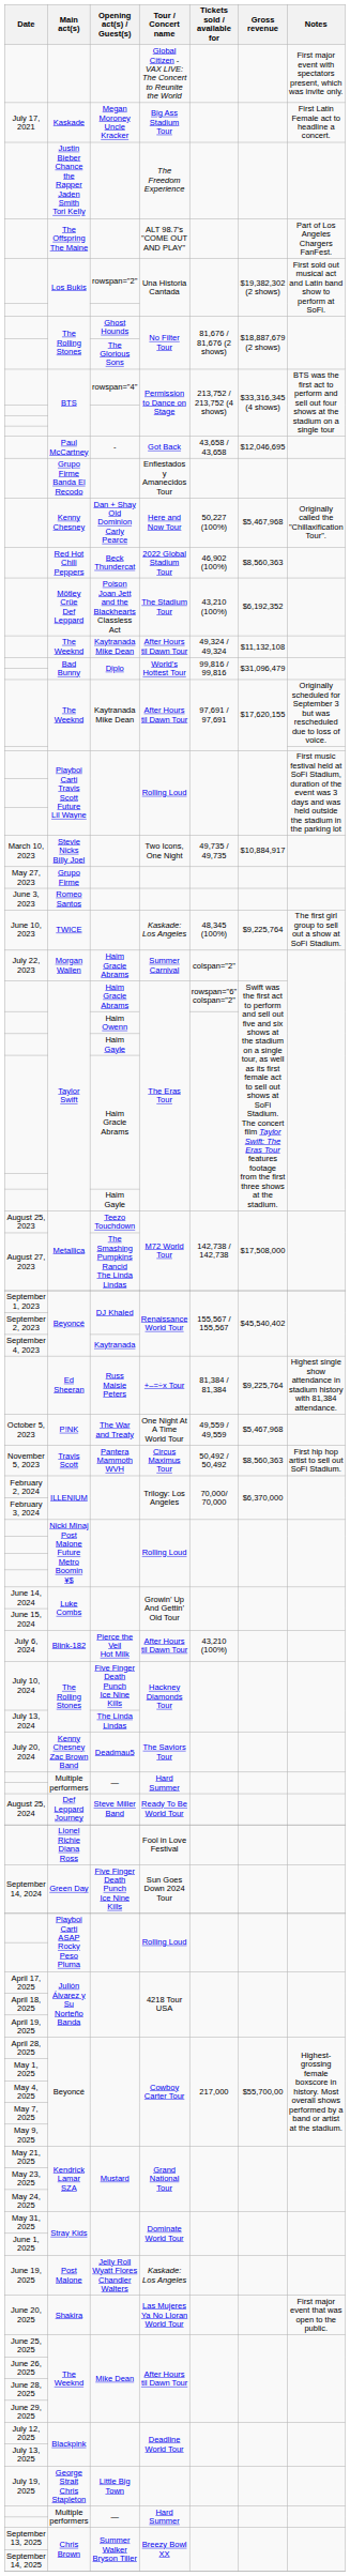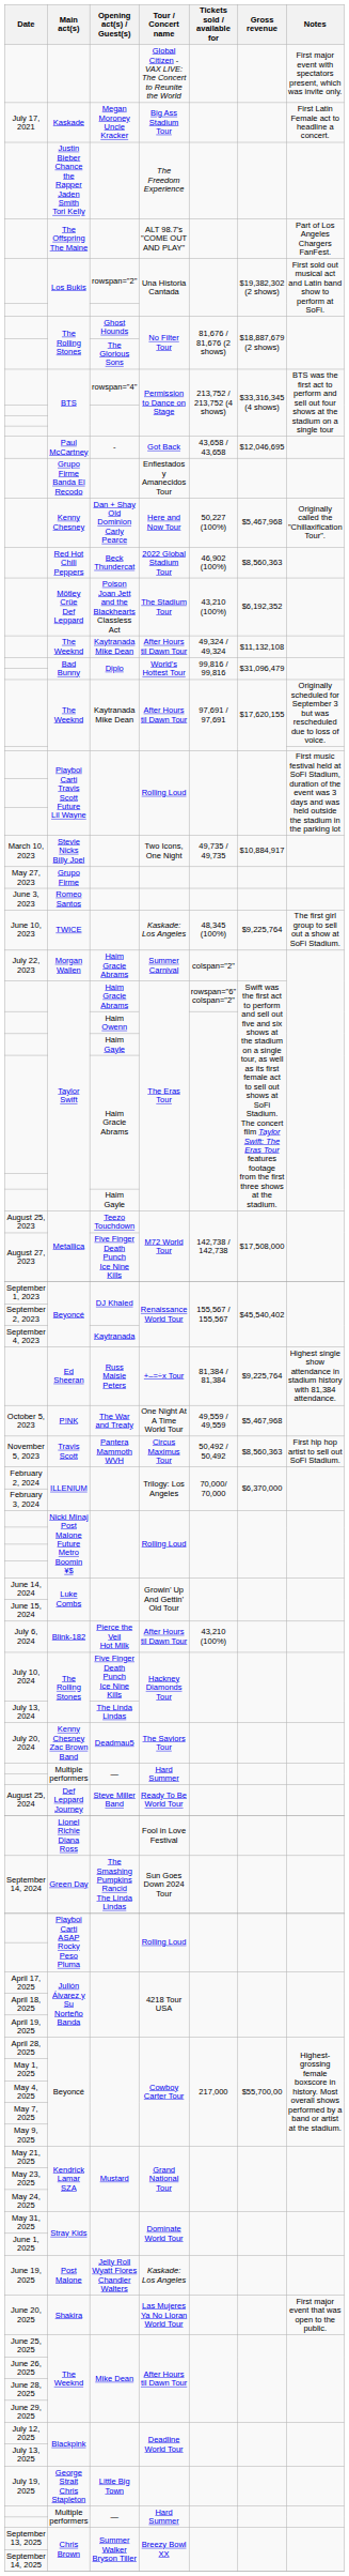 <table class="wikitable mw-collapsible" style="text-align:center;">
 <tr>
 <th width=12% style="text-align:center;;">Date</th>
 <th width=10% style="text-align:center;;">Main act(s)</th>
 <th width=10% style="text-align:center;;">Opening act(s) / Guest(s)</th>
 <th width=16% style="text-align:center;;">Tour / Concert name</th>
 <th width=10% style="text-align:center;;">Tickets sold / available for</th>
 <th width=10% style="text-align:center;;">Gross revenue</th>
 <th style="width:20%; text-align:center;">Notes</th>
 </tr>
 <tr>
 <td></td>
 <td></td>
 <td></td>
 <td><a href='#'>Global Citizen</a> - <br><em>VAX LIVE: The Concert to Reunite the World</em></td>
 <td></td>
 <td></td>
 <td>First major event with spectators present, which was invite only.</td>
 </tr>
 <tr>
 <td>July 17, 2021</td>
 <td><a href='#'>Kaskade</a></td>
 <td><a href='#'>Megan Moroney</a><br><a href='#'>Uncle Kracker</a></td>
 <td><a href='#'>Big Ass Stadium Tour</a></td>
 <td></td>
 <td></td>
 <td>First Latin Female act to headline a concert.</td>
 </tr>
 <tr>
 <td></td>
 <td><a href='#'>Justin Bieber</a><br><a href='#'>Chance the Rapper</a><br><a href='#'>Jaden Smith</a><br><a href='#'>Tori Kelly</a></td>
 <td></td>
 <td><em>The Freedom Experience</em></td>
 <td></td>
 <td></td>
 <td></td>
 </tr>
 <tr>
 <td></td>
 <td><a href='#'>The Offspring</a><br><a href='#'>The Maine</a></td>
 <td></td>
 <td>ALT 98.7's "COME OUT AND PLAY"</td>
 <td></td>
 <td></td>
 <td>Part of Los Angeles Chargers FanFest.</td>
 </tr>
 <tr>
 <td></td>
 <td rowspan="2"><a href='#'>Los Bukis</a></td>
 <td>rowspan="2" </td>
 <td rowspan="2">Una Historia Cantada</td>
 <td rowspan="2"></td>
 <td rowspan="2">$19,382,302 (2 shows)</td>
 <td rowspan="2">First sold out musical act and Latin band show to perform at SoFi.</td>
 </tr>
 <tr>
 <td></td>
 </tr>
 <tr>
 <td></td>
 <td rowspan="2"><a href='#'>The Rolling Stones</a></td>
 <td><a href='#'>Ghost Hounds</a></td>
 <td rowspan="2"><a href='#'>No Filter Tour</a></td>
 <td rowspan="2">81,676 / 81,676 (2 shows)</td>
 <td rowspan="2">$18,887,679 (2 shows)</td>
 <td rowspan="2"></td>
 </tr>
 <tr>
 <td></td>
 <td><a href='#'>The Glorious Sons</a></td>
 </tr>
 <tr>
 <td></td>
 <td rowspan="4"><a href='#'>BTS</a></td>
 <td>rowspan="4" </td>
 <td rowspan="4"><a href='#'>Permission to Dance on Stage</a></td>
 <td rowspan="4">213,752 / 213,752 (4 shows)</td>
 <td rowspan="4">$33,316,345 (4 shows)</td>
 <td rowspan="4">BTS was the first act to perform and sell out four shows at the stadium on a single tour </td>
 </tr>
 <tr>
 <td></td>
 </tr>
 <tr>
 <td></td>
 </tr>
 <tr>
 <td></td>
 </tr>
 <tr>
 <td></td>
 <td><a href='#'>Paul McCartney</a></td>
 <td>-</td>
 <td><a href='#'>Got Back</a></td>
 <td>43,658 / 43,658</td>
 <td>$12,046,695</td>
 <td></td>
 </tr>
 <tr>
 <td></td>
 <td><a href='#'>Grupo Firme</a> <a href='#'>Banda El Recodo</a></td>
 <td></td>
 <td>Enfiestados y Amanecidos Tour</td>
 <td></td>
 <td></td>
 <td></td>
 </tr>
 <tr>
 <td></td>
 <td><a href='#'>Kenny Chesney</a></td>
 <td><a href='#'>Dan + Shay</a><br><a href='#'>Old Dominion</a><br><a href='#'>Carly Pearce</a></td>
 <td><a href='#'>Here and Now Tour</a></td>
 <td>50,227 (100%)</td>
 <td>$5,467,968</td>
 <td>Originally called the "Chillaxification Tour".</td>
 </tr>
 <tr>
 <td></td>
 <td><a href='#'>Red Hot Chili Peppers</a></td>
 <td><a href='#'>Beck</a><br><a href='#'>Thundercat</a></td>
 <td><a href='#'>2022 Global Stadium Tour</a></td>
 <td>46,902 (100%)</td>
 <td>$8,560,363</td>
 <td></td>
 </tr>
 <tr>
 <td></td>
 <td><a href='#'>Mötley Crüe</a><br><a href='#'>Def Leppard</a></td>
 <td><a href='#'>Poison</a><br><a href='#'>Joan Jett and the Blackhearts</a><br>Classless Act</td>
 <td><a href='#'>The Stadium Tour</a></td>
 <td>43,210 (100%)</td>
 <td>$6,192,352</td>
 <td></td>
 </tr>
 <tr>
 <td></td>
 <td><a href='#'>The Weeknd</a></td>
 <td><a href='#'>Kaytranada</a><br><a href='#'>Mike Dean</a></td>
 <td><a href='#'>After Hours til Dawn Tour</a></td>
 <td>49,324 / 49,324</td>
 <td>$11,132,108</td>
 <td></td>
 </tr>
 <tr>
 <td></td>
 <td rowspan="2"><a href='#'>Bad Bunny</a></td>
 <td rowspan="2"><a href='#'>Diplo</a></td>
 <td rowspan="2"><a href='#'>World's Hottest Tour</a></td>
 <td rowspan="2">99,816 / 99,816</td>
 <td rowspan="2">$31,096,479</td>
 <td rowspan="2"></td>
 </tr>
 <tr>
 <td></td>
 </tr>
 <tr>
 <td></td>
 <td rowspan="2"><a href='#'>The Weeknd</a></td>
 <td rowspan="2">Kaytranada<br>Mike Dean</td>
 <td rowspan="2"><a href='#'>After Hours til Dawn Tour</a></td>
 <td rowspan="2">97,691 / 97,691</td>
 <td rowspan="2">$17,620,155</td>
 <td>Originally scheduled for September 3 but was rescheduled due to loss of voice.</td>
 </tr>
 <tr>
 <td></td>
 </tr>
 <tr>
 <td></td>
 <td rowspan="3"><a href='#'>Playboi Carti</a><br><a href='#'>Travis Scott</a><br><a href='#'>Future</a><br><a href='#'>Lil Wayne</a></td>
 <td rowspan="3"></td>
 <td rowspan="3"><a href='#'>Rolling Loud</a></td>
 <td rowspan="3"></td>
 <td rowspan="3"></td>
 <td rowspan="3">First music festival held at SoFi Stadium, duration of the event was 3 days and was held outside the stadium in the parking lot</td>
 </tr>
 <tr>
 <td></td>
 </tr>
 <tr>
 <td></td>
 </tr>
 <tr>
 <td>March 10, 2023</td>
 <td><a href='#'>Stevie Nicks</a><br><a href='#'>Billy Joel</a></td>
 <td></td>
 <td>Two Icons, One Night</td>
 <td>49,735 / 49,735</td>
 <td>$10,884,917</td>
 <td></td>
 </tr>
 <tr>
 <td>May 27, 2023</td>
 <td><a href='#'>Grupo Firme</a></td>
 <td></td>
 <td></td>
 <td></td>
 <td></td>
 <td></td>
 </tr>
 <tr>
 <td>June 3, 2023</td>
 <td><a href='#'>Romeo Santos</a></td>
 <td></td>
 <td></td>
 <td></td>
 <td></td>
 <td></td>
 </tr>
 <tr>
 <td>June 10, 2023</td>
 <td><a href='#'>TWICE</a></td>
 <td></td>
 <td><em>Kaskade: Los Angeles</em></td>
 <td>48,345<br>(100%)</td>
 <td>$9,225,764</td>
 <td>The first girl group to sell out a show at SoFi Stadium.</td>
 </tr>
 <tr>
 <td>July 22, 2023</td>
 <td><a href='#'>Morgan Wallen</a></td>
 <td><a href='#'>Haim</a><br><a href='#'>Gracie Abrams</a></td>
 <td><a href='#'>Summer Carnival</a></td>
 <td>colspan="2" </td>
 <td></td>
 </tr>
 <tr>
 <td></td>
 <td rowspan="6"><a href='#'>Taylor Swift</a></td>
 <td><a href='#'>Haim</a><br><a href='#'>Gracie Abrams</a></td>
 <td rowspan="6"><a href='#'>The Eras Tour</a></td>
 <td>rowspan="6" colspan="2" </td>
 <td rowspan="6">Swift was the first act to perform and sell out five and six shows at the stadium on a single tour, as well as its first female act to sell out shows at SoFi Stadium. The concert film <em><a href='#'>Taylor Swift: The Eras Tour</a></em> features footage from the first three shows at the stadium.</td>
 </tr>
 <tr>
 <td></td>
 <td>Haim<br><a href='#'>Owenn</a></td>
 </tr>
 <tr>
 <td></td>
 <td>Haim<br><a href='#'>Gayle</a></td>
 </tr>
 <tr>
 <td></td>
 <td rowspan="2">Haim<br>Gracie Abrams</td>
 </tr>
 <tr>
 <td></td>
 </tr>
 <tr>
 <td></td>
 <td>Haim<br>Gayle</td>
 </tr>
 <tr>
 <td>August 25, 2023</td>
 <td rowspan="2"><a href='#'>Metallica</a></td>
 <td><a href='#'>Teezo Touchdown</a></td>
 <td rowspan="2"><a href='#'>M72 World Tour</a></td>
 <td rowspan="2">142,738 / 142,738</td>
 <td rowspan="2">$17,508,000</td>
 <td rowspan="2"></td>
 </tr>
 <tr>
 <td>August 27, 2023</td>
-<td><a href='#'>The Smashing Pumpkins</a><br><a href='#'>Rancid</a><br><a href='#'>The Linda Lindas</a></td>
+<td><a href='#'>Five Finger Death Punch</a><br><a href='#'>Ice Nine Kills</a></td>
 </tr>
 <tr>
 </tr>
 <tr>
 <td>September 1, 2023</td>
 <td rowspan="3"><a href='#'>Beyoncé</a></td>
 <td rowspan="2"><a href='#'>DJ Khaled</a></td>
 <td rowspan="3"><a href='#'>Renaissance World Tour</a></td>
 <td rowspan="3">155,567 / 155,567</td>
 <td rowspan="3">$45,540,402</td>
 <td rowspan="3"></td>
 </tr>
 <tr>
 <td>September 2, 2023</td>
 </tr>
 <tr>
 <td>September 4, 2023</td>
 <td><a href='#'>Kaytranada</a></td>
 </tr>
 <tr>
 <td></td>
 <td><a href='#'>Ed Sheeran</a></td>
 <td><a href='#'>Russ</a><br><a href='#'>Maisie Peters</a></td>
 <td><a href='#'>+–=÷x Tour</a></td>
 <td>81,384 / 81,384</td>
 <td>$9,225,764</td>
 <td>Highest single show attendance in stadium history with 81,384 attendance.</td>
 </tr>
 <tr>
 <td>October 5, 2023</td>
 <td><a href='#'>P!NK</a></td>
 <td><a href='#'>The War and Treaty</a></td>
 <td>One Night At A Time World Tour</td>
 <td>49,559 / 49,559</td>
 <td>$5,467,968</td>
 <td></td>
 </tr>
 <tr>
 <td>November 5, 2023</td>
 <td><a href='#'>Travis Scott</a></td>
 <td><a href='#'>Pantera</a><br><a href='#'>Mammoth WVH</a></td>
 <td><a href='#'>Circus Maximus Tour</a></td>
 <td>50,492 / 50,492</td>
 <td>$8,560,363</td>
 <td>First hip hop artist to sell out SoFi Stadium.</td>
 </tr>
 <tr>
 <td>February 2, 2024</td>
 <td rowspan="2"><a href='#'>ILLENIUM</a></td>
 <td rowspan="2"></td>
 <td rowspan="2">Trilogy: Los Angeles</td>
 <td rowspan="2">70,000/ 70,000</td>
 <td rowspan="2">$6,370,000</td>
 <td rowspan="2"></td>
 </tr>
 <tr>
 <td>February 3, 2024</td>
 </tr>
 <tr>
 <td></td>
 <td rowspan="4"><a href='#'>Nicki Minaj</a><br><a href='#'>Post Malone</a><br><a href='#'>Future</a><br><a href='#'>Metro Boomin</a><br><a href='#'>¥</a><a href='#'>$</a></td>
 <td rowspan="4"></td>
 <td rowspan="4"><a href='#'>Rolling Loud</a></td>
 <td rowspan="4"></td>
 <td rowspan="4"></td>
 <td rowspan="4"></td>
 </tr>
 <tr>
 <td></td>
 </tr>
 <tr>
 <td></td>
 </tr>
 <tr>
 <td></td>
 </tr>
 <tr>
 <td>June 14, 2024</td>
 <td rowspan="2"><a href='#'>Luke Combs</a></td>
 <td rowspan="2"></td>
 <td rowspan="2">Growin’ Up And Gettin’ Old Tour</td>
 <td rowspan="2"></td>
 <td rowspan="2"></td>
 <td rowspan="2"></td>
 </tr>
 <tr>
 <td>June 15, 2024</td>
 </tr>
 <tr>
 <td>July 6, 2024</td>
 <td><a href='#'>Blink-182</a></td>
 <td><a href='#'>Pierce the Veil</a><br><a href='#'>Hot Milk</a></td>
 <td><a href='#'>After Hours til Dawn Tour</a></td>
 <td>43,210 (100%)</td>
 <td></td>
 <td></td>
 </tr>
 <tr>
 <td>July 10, 2024</td>
 <td rowspan="2"><a href='#'>The Rolling Stones</a></td>
 <td><a href='#'>Five Finger Death Punch</a><br><a href='#'>Ice Nine Kills</a></td>
 <td rowspan="2"><a href='#'>Hackney Diamonds Tour</a></td>
 <td rowspan="2"></td>
 <td rowspan="2"></td>
 <td rowspan="2"></td>
 </tr>
 <tr>
 <td>July 13, 2024</td>
 <td><a href='#'>The Linda Lindas</a></td>
 </tr>
 <tr>
 <td>July 20, 2024</td>
 <td><a href='#'>Kenny Chesney</a><br><a href='#'>Zac Brown Band</a></td>
 <td><a href='#'>Deadmau5</a></td>
 <td><a href='#'>The Saviors Tour</a></td>
 <td></td>
 <td></td>
 <td></td>
 </tr>
 <tr>
 <td></td>
 <td rowspan="2">Multiple performers</td>
 <td rowspan="2">—</td>
 <td rowspan="2"><a href='#'>Hard Summer</a></td>
 <td rowspan="2"></td>
 <td rowspan="2"></td>
 <td rowspan="2"></td>
 </tr>
 <tr>
 <td></td>
 </tr>
 <tr>
 <td>August 25, 2024</td>
 <td><a href='#'>Def Leppard</a><br><a href='#'>Journey</a></td>
 <td><a href='#'>Steve Miller Band</a></td>
 <td><a href='#'>Ready To Be World Tour</a></td>
 <td></td>
 <td></td>
 <td></td>
 </tr>
 <tr>
 </tr>
 <tr>
 <td></td>
 <td><a href='#'>Lionel Richie</a><br><a href='#'>Diana Ross</a></td>
 <td></td>
 <td>Fool in Love Festival</td>
 <td></td>
 <td></td>
 <td></td>
 </tr>
 <tr>
 <td>September 14, 2024</td>
 <td><a href='#'>Green Day</a></td>
-<td><a href='#'>Five Finger Death Punch</a><br><a href='#'>Ice Nine Kills</a></td>
+<td><a href='#'>The Smashing Pumpkins</a><br><a href='#'>Rancid</a><br><a href='#'>The Linda Lindas</a></td>
 <td>Sun Goes Down 2024 Tour</td>
 <td></td>
 <td></td>
 <td></td>
 </tr>
 <tr>
 </tr>
 <tr>
 <td></td>
 <td rowspan="2"><a href='#'>Playboi Carti</a><br><a href='#'>ASAP Rocky</a><br><a href='#'>Peso Pluma</a></td>
 <td rowspan="2"></td>
 <td rowspan="2"><a href='#'>Rolling Loud</a></td>
 <td rowspan="2"></td>
 <td rowspan="2"></td>
 <td rowspan="2"></td>
 </tr>
 <tr>
 <td></td>
 </tr>
 <tr>
 <td>April 17, 2025</td>
 <td rowspan=3><a href='#'>Julión Álvarez y Su Norteño Banda</a></td>
 <td rowspan=3></td>
 <td rowspan=3>4218 Tour USA</td>
 <td rowspan=3></td>
 <td rowspan=3></td>
 <td rowspan=3></td>
 </tr>
 <tr>
 <td>April 18, 2025</td>
 </tr>
 <tr>
 <td>April 19, 2025</td>
 </tr>
 <tr>
 <td>April 28, 2025</td>
 <td rowspan="5">Beyoncé</td>
 <td rowspan="5"></td>
 <td rowspan="5"><a href='#'>Cowboy Carter Tour</a></td>
 <td rowspan="5">217,000</td>
 <td rowspan="5">$55,700,00</td>
 <td rowspan="5">Highest-grossing female boxscore in history. Most overall shows performed by a band or artist at the stadium.</td>
 </tr>
 <tr>
 <td>May 1, 2025</td>
 </tr>
 <tr>
 <td>May 4, 2025</td>
 </tr>
 <tr>
 <td>May 7, 2025</td>
 </tr>
 <tr>
 <td>May 9, 2025</td>
 </tr>
 <tr>
 <td>May 21, 2025</td>
 <td rowspan=3><a href='#'>Kendrick Lamar</a><br><a href='#'>SZA</a></td>
 <td rowspan=3><a href='#'>Mustard</a></td>
 <td rowspan=3><a href='#'>Grand National Tour</a></td>
 <td rowspan=3></td>
 <td rowspan=3></td>
 <td rowspan=3></td>
 </tr>
 <tr>
 <td>May 23, 2025</td>
 </tr>
 <tr>
 <td>May 24, 2025</td>
 </tr>
 <tr>
 <td>May 31, 2025</td>
 <td rowspan="2"><a href='#'>Stray Kids</a></td>
 <td rowspan="2"></td>
 <td rowspan="2"><a href='#'>Dominate World Tour</a></td>
 <td rowspan="2"></td>
 <td rowspan="2"></td>
 <td rowspan="2"></td>
 </tr>
 <tr>
 <td>June 1, 2025</td>
 </tr>
 <tr>
 <td>June 19, 2025</td>
 <td><a href='#'>Post Malone</a></td>
 <td><a href='#'>Jelly Roll</a><br><a href='#'>Wyatt Flores</a><br><a href='#'>Chandler Walters</a></td>
 <td><em>Kaskade: Los Angeles</em></td>
 <td></td>
 <td></td>
 <td></td>
 </tr>
 <tr>
 <td>June 20, 2025</td>
 <td><a href='#'>Shakira</a></td>
 <td></td>
 <td><a href='#'>Las Mujeres Ya No Lloran World Tour</a></td>
 <td></td>
 <td></td>
 <td>First major event that was open to the public.</td>
 </tr>
 <tr>
 <td>June 25, 2025</td>
 <td rowspan=4><a href='#'>The Weeknd</a></td>
 <td rowspan=4><a href='#'>Mike Dean</a></td>
 <td rowspan=4><a href='#'>After Hours til Dawn Tour</a></td>
 <td rowspan=4></td>
 <td rowspan=4></td>
 <td rowspan=4></td>
 </tr>
 <tr>
 <td>June 26, 2025</td>
 </tr>
 <tr>
 <td>June 28, 2025</td>
 </tr>
 <tr>
 <td>June 29, 2025</td>
 </tr>
 <tr>
 <td>July 12, 2025</td>
 <td rowspan=2><a href='#'>Blackpink</a></td>
 <td rowspan=2></td>
 <td rowspan=2><a href='#'>Deadline World Tour</a></td>
 <td rowspan=2></td>
 <td rowspan=2></td>
 <td rowspan=2></td>
 </tr>
 <tr>
 <td>July 13, 2025</td>
 </tr>
 <tr>
 <td>July 19, 2025</td>
 <td><a href='#'>George Strait</a><br><a href='#'>Chris Stapleton</a></td>
 <td><a href='#'>Little Big Town</a></td>
 <td></td>
 <td></td>
 <td></td>
 <td></td>
 </tr>
 <tr>
 <td></td>
 <td rowspan="2">Multiple performers</td>
 <td rowspan="2">—</td>
 <td rowspan="2"><a href='#'>Hard Summer</a></td>
 <td rowspan="2"></td>
 <td rowspan="2"></td>
 <td rowspan="2"></td>
 </tr>
 <tr>
 <td></td>
 </tr>
 <tr>
 <td>September 13, 2025</td>
 <td rowspan="2"><a href='#'>Chris Brown</a></td>
 <td rowspan="2"><a href='#'>Summer Walker</a><br><a href='#'>Bryson Tiller</a></td>
 <td rowspan="2"><a href='#'>Breezy Bowl XX</a></td>
 <td rowspan="2"></td>
 <td rowspan="2"></td>
 <td rowspan="2"></td>
 </tr>
 <tr>
 <td>September 14, 2025</td>
 </tr>
 <tr>
 </tr>
 </table>
